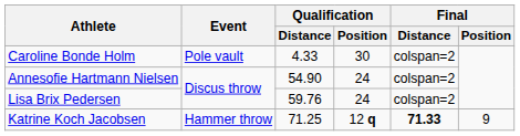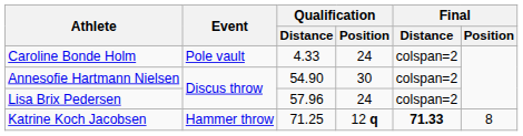 <table class=wikitable style=font-size:90%>
 <tr>
 <th rowspan=2>Athlete</th>
 <th rowspan=2>Event</th>
 <th colspan=2>Qualification</th>
 <th colspan=2>Final</th>
 </tr>
 <tr style=font-size:95%>
 <th>Distance</th>
 <th>Position</th>
 <th>Distance</th>
 <th>Position</th>
 </tr>
 <tr align=center>
 <td align=left><a href='#'>Caroline Bonde Holm</a></td>
 <td align=left><a href='#'>Pole vault</a></td>
 <td>4.33</td>
-<td>30</td>
+<td>24</td>
 <td>colspan=2 </td>
 </tr>
 <tr align=center>
 <td align=left><a href='#'>Annesofie Hartmann Nielsen</a></td>
 <td align=left rowspan=2><a href='#'>Discus throw</a></td>
 <td>54.90</td>
-<td>24</td>
+<td>30</td>
 <td>colspan=2 </td>
 </tr>
 <tr align=center>
 <td align=left><a href='#'>Lisa Brix Pedersen</a></td>
-<td>59.76</td>
+<td>57.96</td>
 <td>24</td>
 <td>colspan=2 </td>
 </tr>
 <tr align=center>
 <td align=left><a href='#'>Katrine Koch Jacobsen</a></td>
 <td align=left><a href='#'>Hammer throw</a></td>
 <td>71.25</td>
 <td>12 <strong>q</strong></td>
 <td><strong>71.33 </strong></td>
-<td>9</td>
+<td>8</td>
 </tr>
 </table>
